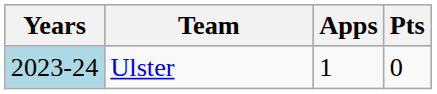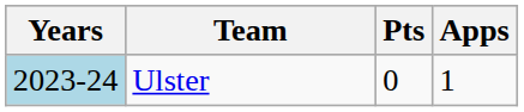 <table class="wikitable" style="text-align:left;">
 <tr>
 <th>Years</th>
 <th width=120px>Team</th>
+<th>Pts</th>
 <th>Apps</th>
-<th>Pts</th>
 </tr>
 <tr>
 <td style="background: lightblue;">2023-24</td>
 <td><a href='#'>Ulster</a></td>
+<td>0</td>
 <td>1</td>
-<td>0</td>
 </tr>
 </table>
